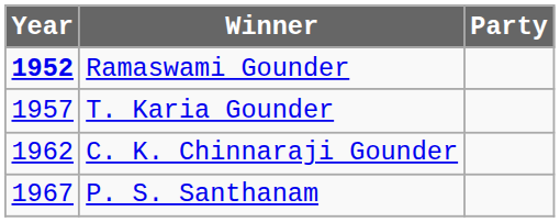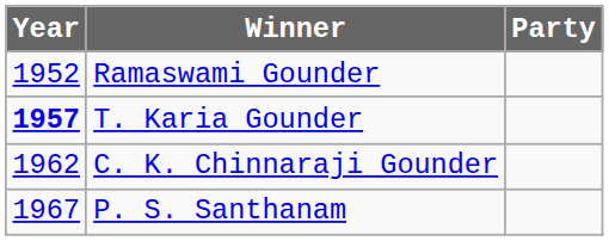 <table class="wikitable">
 <tr>
 <th style="background-color:#666666; color:white">Year</th>
 <th style="background-color:#666666; color:white">Winner</th>
 <th style="background-color:#666666; color:white" colspan="2">Party</th>
 </tr>
 <tr>
-<td><strong><a href='#'>1952</a></strong></td>
+<td><a href='#'>1952</a></td>
 <td><a href='#'>Ramaswami Gounder</a></td>
 <td></td>
 </tr>
 <tr>
-<td><a href='#'>1957</a></td>
+<td><strong><a href='#'>1957</a></strong></td>
 <td><a href='#'>T. Karia Gounder</a></td>
 <td></td>
 </tr>
 <tr>
 <td><a href='#'>1962</a></td>
 <td><a href='#'>C. K. Chinnaraji Gounder</a></td>
 <td></td>
 </tr>
 <tr>
 <td><a href='#'>1967</a></td>
 <td><a href='#'>P. S. Santhanam</a></td>
 <td></td>
 </tr>
 </table>
